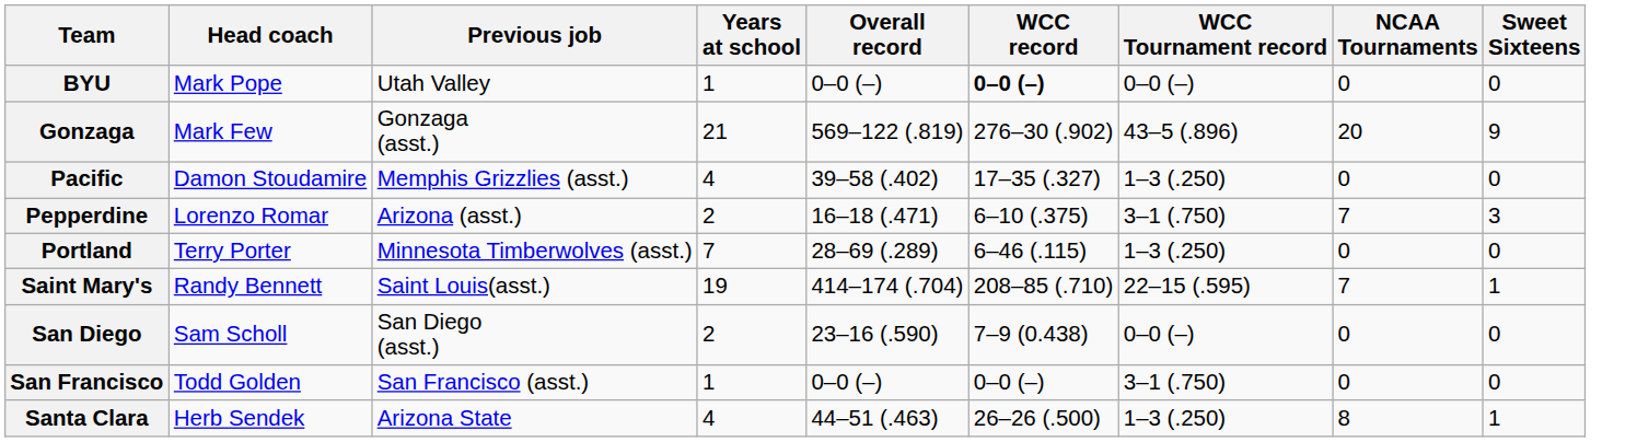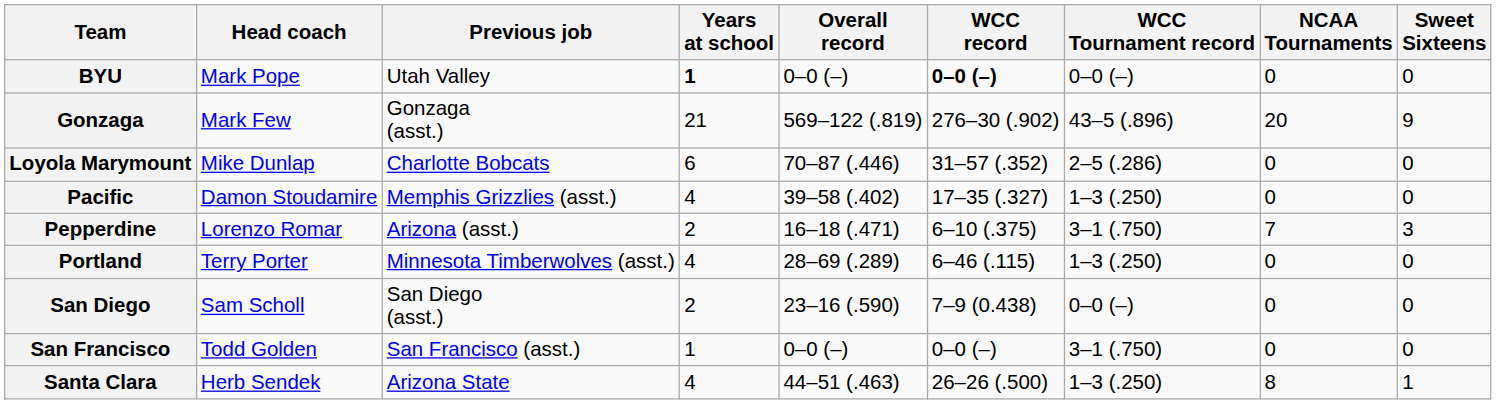 <table class="wikitable sortable">
 <tr>
 <th>Team</th>
 <th>Head coach</th>
 <th>Previous job</th>
 <th>Years<br>at school</th>
 <th>Overall<br>record</th>
 <th>WCC<br>record</th>
 <th>WCC<br>Tournament record</th>
 <th>NCAA<br>Tournaments</th>
 <th>Sweet<br>Sixteens</th>
 </tr>
 <tr>
 <th>BYU</th>
 <td><a href='#'>Mark Pope</a></td>
 <td>Utah Valley</td>
-<td>1</td>
+<td><strong>1</strong></td>
 <td>0–0 (–)</td>
 <td><strong>0–0 (–)</strong></td>
 <td>0–0 (–)</td>
 <td>0</td>
 <td>0</td>
 </tr>
 <tr>
 <th>Gonzaga</th>
 <td><a href='#'>Mark Few</a></td>
 <td>Gonzaga<br>(asst.)</td>
 <td>21</td>
 <td>569–122 (.819)</td>
 <td>276–30 (.902)</td>
 <td>43–5 (.896)</td>
 <td>20</td>
 <td>9</td>
+</tr>
+<tr>
+<th>Loyola Marymount</th>
+<td><a href='#'>Mike Dunlap</a></td>
+<td><a href='#'>Charlotte Bobcats</a></td>
+<td>6</td>
+<td>70–87 (.446)</td>
+<td>31–57 (.352)</td>
+<td>2–5 (.286)</td>
+<td>0</td>
+<td>0</td>
 </tr>
 <tr>
 <th>Pacific</th>
 <td><a href='#'>Damon Stoudamire</a></td>
 <td><a href='#'>Memphis Grizzlies</a> (asst.)</td>
 <td>4</td>
 <td>39–58 (.402)</td>
 <td>17–35 (.327)</td>
 <td>1–3 (.250)</td>
 <td>0</td>
 <td>0</td>
 </tr>
 <tr>
 <th>Pepperdine</th>
 <td><a href='#'>Lorenzo Romar</a></td>
 <td><a href='#'>Arizona</a> (asst.)</td>
 <td>2</td>
 <td>16–18 (.471)</td>
 <td>6–10 (.375)</td>
 <td>3–1 (.750)</td>
 <td>7</td>
 <td>3</td>
 </tr>
 <tr>
 <th>Portland</th>
 <td><a href='#'>Terry Porter</a></td>
 <td><a href='#'>Minnesota Timberwolves</a> (asst.)</td>
-<td>7</td>
+<td>4</td>
 <td>28–69 (.289)</td>
 <td>6–46 (.115)</td>
 <td>1–3 (.250)</td>
 <td>0</td>
 <td>0</td>
-</tr>
-<tr>
-<th>Saint Mary's</th>
-<td><a href='#'>Randy Bennett</a></td>
-<td><a href='#'>Saint Louis</a>(asst.)</td>
-<td>19</td>
-<td>414–174 (.704)</td>
-<td>208–85 (.710)</td>
-<td>22–15 (.595)</td>
-<td>7</td>
-<td>1</td>
 </tr>
 <tr>
 <th>San Diego</th>
 <td><a href='#'>Sam Scholl</a></td>
 <td>San Diego<br>(asst.)</td>
 <td>2</td>
 <td>23–16 (.590)</td>
 <td>7–9 (0.438)</td>
 <td>0–0 (–)</td>
 <td>0</td>
 <td>0</td>
 </tr>
 <tr>
 <th>San Francisco</th>
 <td><a href='#'>Todd Golden</a></td>
 <td><a href='#'>San Francisco</a> (asst.)</td>
 <td>1</td>
 <td>0–0 (–)</td>
 <td>0–0 (–)</td>
 <td>3–1 (.750)</td>
 <td>0</td>
 <td>0</td>
 </tr>
 <tr>
 <th>Santa Clara</th>
 <td><a href='#'>Herb Sendek</a></td>
 <td><a href='#'>Arizona State</a></td>
 <td>4</td>
 <td>44–51 (.463)</td>
 <td>26–26 (.500)</td>
 <td>1–3 (.250)</td>
 <td>8</td>
 <td>1</td>
 </tr>
 </table>
